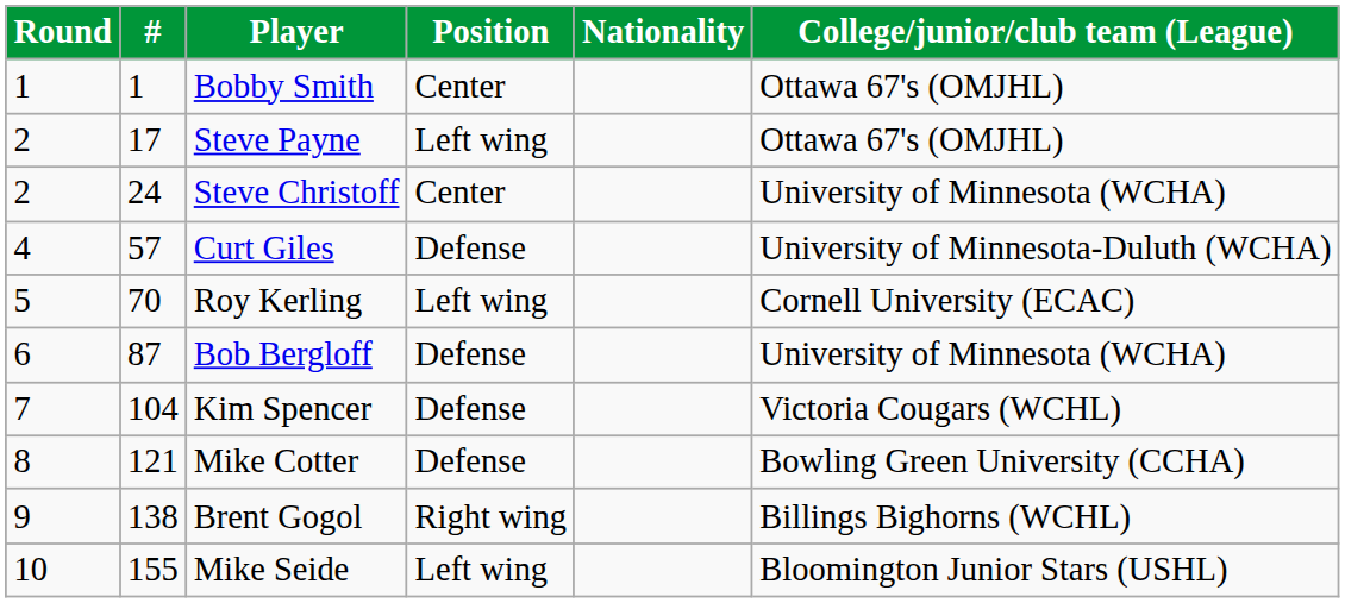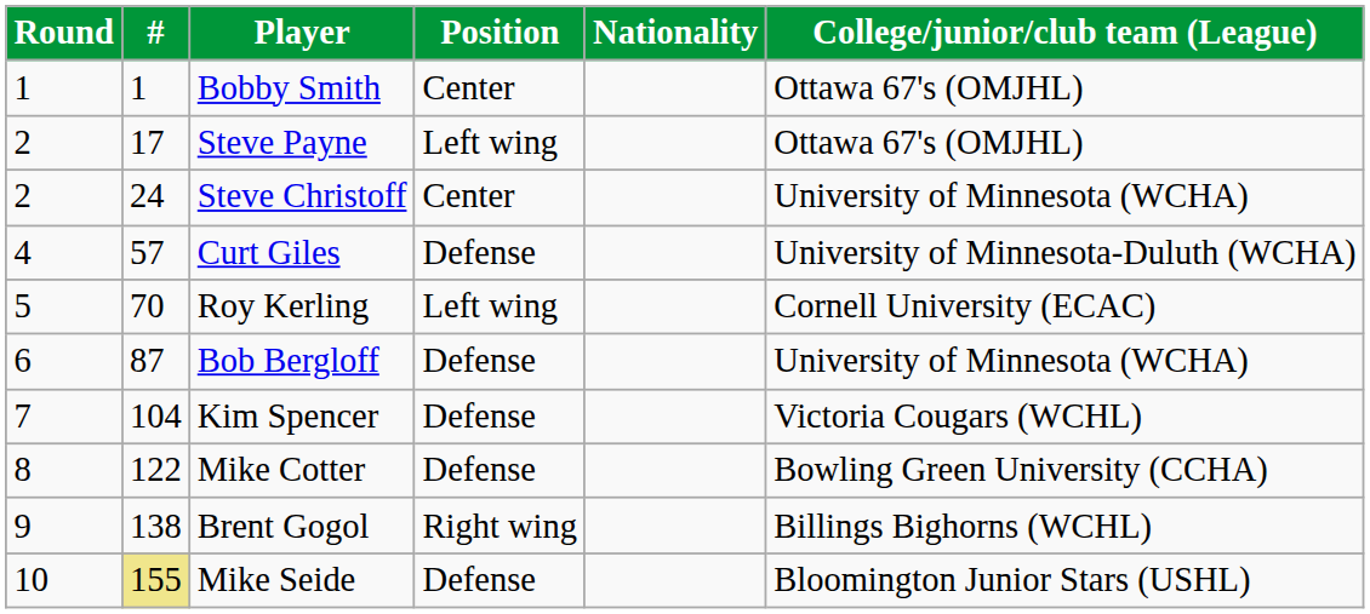 <table class="wikitable">
 <tr>
 <th style="color:white; background:#009639; ">Round</th>
 <th style="color:white; background:#009639; ">#</th>
 <th style="color:white; background:#009639; ">Player</th>
 <th style="color:white; background:#009639; ">Position</th>
 <th style="color:white; background:#009639; ">Nationality</th>
 <th style="color:white; background:#009639; ">College/junior/club team (League)</th>
 </tr>
 <tr>
 <td>1</td>
 <td>1</td>
 <td><a href='#'>Bobby Smith</a></td>
 <td>Center</td>
 <td></td>
 <td>Ottawa 67's (OMJHL)</td>
 </tr>
 <tr>
 <td>2</td>
 <td>17</td>
 <td><a href='#'>Steve Payne</a></td>
 <td>Left wing</td>
 <td></td>
 <td>Ottawa 67's (OMJHL)</td>
 </tr>
 <tr>
 <td>2</td>
 <td>24</td>
 <td><a href='#'>Steve Christoff</a></td>
 <td>Center</td>
 <td></td>
 <td>University of Minnesota (WCHA)</td>
 </tr>
 <tr>
 <td>4</td>
 <td>57</td>
 <td><a href='#'>Curt Giles</a></td>
 <td>Defense</td>
 <td></td>
 <td>University of Minnesota-Duluth (WCHA)</td>
 </tr>
 <tr>
 <td>5</td>
 <td>70</td>
 <td>Roy Kerling</td>
 <td>Left wing</td>
 <td></td>
 <td>Cornell University (ECAC)</td>
 </tr>
 <tr>
 <td>6</td>
 <td>87</td>
 <td><a href='#'>Bob Bergloff</a></td>
 <td>Defense</td>
 <td></td>
 <td>University of Minnesota (WCHA)</td>
 </tr>
 <tr>
 <td>7</td>
 <td>104</td>
 <td>Kim Spencer</td>
 <td>Defense</td>
 <td></td>
 <td>Victoria Cougars (WCHL)</td>
 </tr>
 <tr>
 <td>8</td>
-<td>121</td>
+<td>122</td>
 <td>Mike Cotter</td>
 <td>Defense</td>
 <td></td>
 <td>Bowling Green University (CCHA)</td>
 </tr>
 <tr>
 <td>9</td>
 <td>138</td>
 <td>Brent Gogol</td>
 <td>Right wing</td>
 <td></td>
 <td>Billings Bighorns (WCHL)</td>
 </tr>
 <tr>
 <td>10</td>
-<td>155</td>
+<td style="background: khaki;">155</td>
 <td>Mike Seide</td>
-<td>Left wing</td>
+<td>Defense</td>
 <td></td>
 <td>Bloomington Junior Stars (USHL)</td>
 </tr>
 </table>
